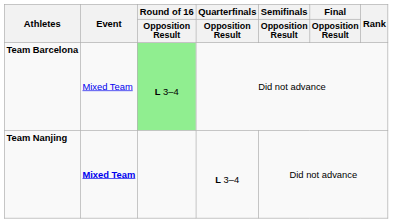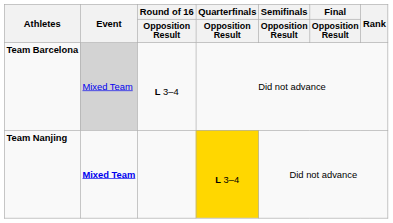 <table class="wikitable" style="font-size:90%">
 <tr>
 <th rowspan="2">Athletes</th>
 <th rowspan="2">Event</th>
 <th>Round of 16</th>
 <th>Quarterfinals</th>
 <th>Semifinals</th>
 <th>Final</th>
 <th rowspan=2>Rank</th>
 </tr>
 <tr style="font-size:95%">
 <th>Opposition<br>Result</th>
 <th>Opposition<br>Result</th>
 <th>Opposition<br>Result</th>
 <th>Opposition<br>Result</th>
 </tr>
 <tr align=center>
 <td align=left><strong>Team Barcelona</strong><br><br> <br><br><br><br><br><br></td>
-<td align=left><a href='#'>Mixed Team</a></td>
-<td style="background: lightgreen;"><br><strong>L</strong> 3–4</td>
+<td align=left style="background: lightgrey;"><a href='#'>Mixed Team</a></td>
+<td><br><strong>L</strong> 3–4</td>
 <td colspan=4>Did not advance</td>
 </tr>
 <tr align=center>
 <td align=left><strong>Team Nanjing</strong><br><br> <br><br><br><br><br><br></td>
 <td align=left><strong><a href='#'>Mixed Team</a></strong></td>
 <td></td>
-<td><br><strong>L</strong> 3–4</td>
+<td style="background: gold;"><br><strong>L</strong> 3–4</td>
 <td colspan=3>Did not advance</td>
 </tr>
 </table>
